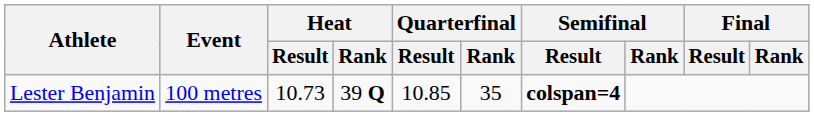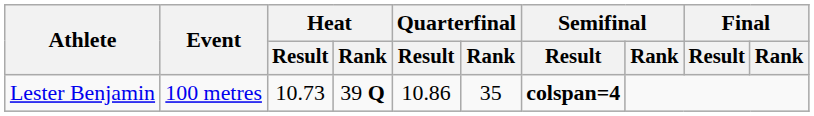 <table class=wikitable style=font-size:90%>
 <tr>
 <th rowspan=2>Athlete</th>
 <th rowspan=2>Event</th>
 <th colspan=2>Heat</th>
 <th colspan=2>Quarterfinal</th>
 <th colspan=2>Semifinal</th>
 <th colspan=2>Final</th>
 </tr>
 <tr style=font-size:95%>
 <th>Result</th>
 <th>Rank</th>
 <th>Result</th>
 <th>Rank</th>
 <th>Result</th>
 <th>Rank</th>
 <th>Result</th>
 <th>Rank</th>
 </tr>
 <tr align=center>
 <td align=left><a href='#'>Lester Benjamin</a></td>
 <td align=left rowspan=3><a href='#'>100 metres</a></td>
 <td>10.73</td>
 <td>39 <strong>Q</strong></td>
-<td>10.85</td>
+<td>10.86</td>
 <td>35</td>
 <td><strong>colspan=4 </strong></td>
 </tr>
 </table>
